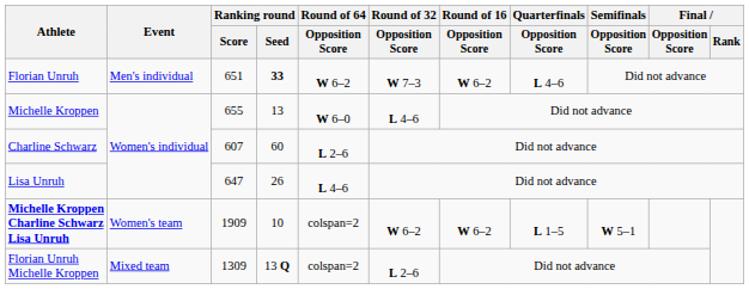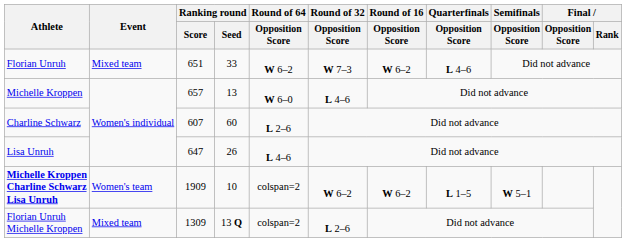 <table class="wikitable" style="font-size:90%">
 <tr>
 <th rowspan=2>Athlete</th>
 <th rowspan=2>Event</th>
 <th colspan="2">Ranking round</th>
 <th>Round of 64</th>
 <th>Round of 32</th>
 <th>Round of 16</th>
 <th>Quarterfinals</th>
 <th>Semifinals</th>
 <th colspan="2">Final / </th>
 </tr>
 <tr style="font-size:95%">
 <th>Score</th>
 <th>Seed</th>
 <th>Opposition<br>Score</th>
 <th>Opposition<br>Score</th>
 <th>Opposition<br>Score</th>
 <th>Opposition<br>Score</th>
 <th>Opposition<br>Score</th>
 <th>Opposition<br>Score</th>
 <th>Rank</th>
 </tr>
 <tr align=center>
 <td align=left><a href='#'>Florian Unruh</a></td>
-<td align=left><a href='#'>Men's individual</a></td>
+<td align=left><a href='#'>Mixed team</a></td>
 <td>651</td>
-<td><strong>33</strong></td>
+<td>33</td>
 <td><br><strong>W</strong> 6–2</td>
 <td><br><strong>W</strong> 7–3</td>
 <td><br><strong>W</strong> 6–2</td>
 <td><br><strong>L</strong> 4–6</td>
 <td colspan=3>Did not advance</td>
 </tr>
 <tr align=center>
 <td align=left><a href='#'>Michelle Kroppen</a></td>
 <td align=left rowspan=3><a href='#'>Women's individual</a></td>
-<td>655</td>
+<td>657</td>
 <td>13</td>
 <td><br><strong>W</strong> 6–0</td>
 <td><br><strong>L</strong> 4–6</td>
 <td colspan=5>Did not advance</td>
 </tr>
 <tr align=center>
 <td align=left><a href='#'>Charline Schwarz</a></td>
 <td>607</td>
 <td>60</td>
 <td><br><strong>L</strong> 2–6</td>
 <td colspan=6>Did not advance</td>
 </tr>
 <tr align=center>
 <td align=left><a href='#'>Lisa Unruh</a></td>
 <td>647</td>
 <td>26</td>
 <td><br><strong>L</strong> 4–6</td>
 <td colspan=6>Did not advance</td>
 </tr>
 <tr align=center>
 <td align=left><strong><a href='#'>Michelle Kroppen</a><br><a href='#'>Charline Schwarz</a><br><a href='#'>Lisa Unruh</a></strong></td>
 <td align=left><a href='#'>Women's team</a></td>
 <td>1909</td>
 <td>10</td>
 <td>colspan=2 </td>
 <td><br><strong>W</strong> 6–2</td>
 <td><br><strong>W</strong> 6–2</td>
 <td><br><strong>L</strong> 1–5</td>
 <td><br><strong>W</strong> 5–1</td>
 <td></td>
 </tr>
 <tr align=center>
 <td align=left><a href='#'>Florian Unruh</a><br><a href='#'>Michelle Kroppen</a></td>
 <td align=left><a href='#'>Mixed team</a></td>
 <td>1309</td>
 <td>13 <strong>Q</strong></td>
 <td>colspan=2 </td>
 <td><br><strong>L</strong> 2–6</td>
 <td colspan=4>Did not advance</td>
 </tr>
 </table>
